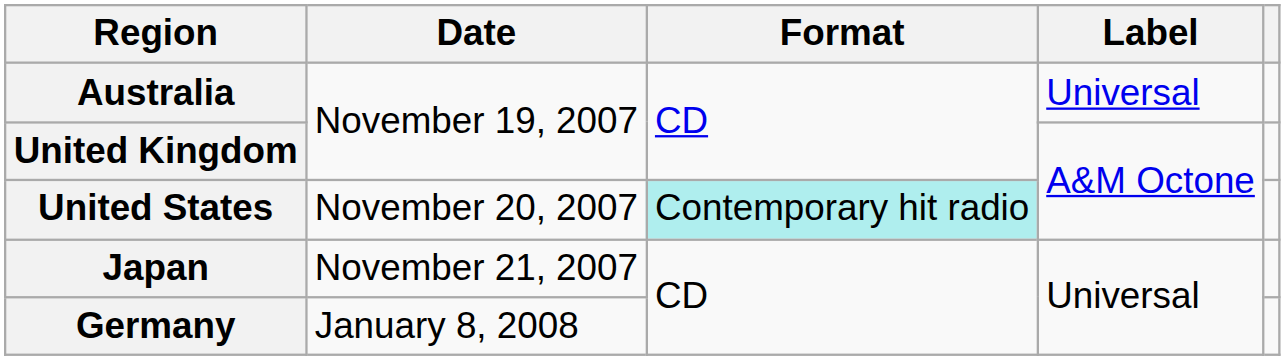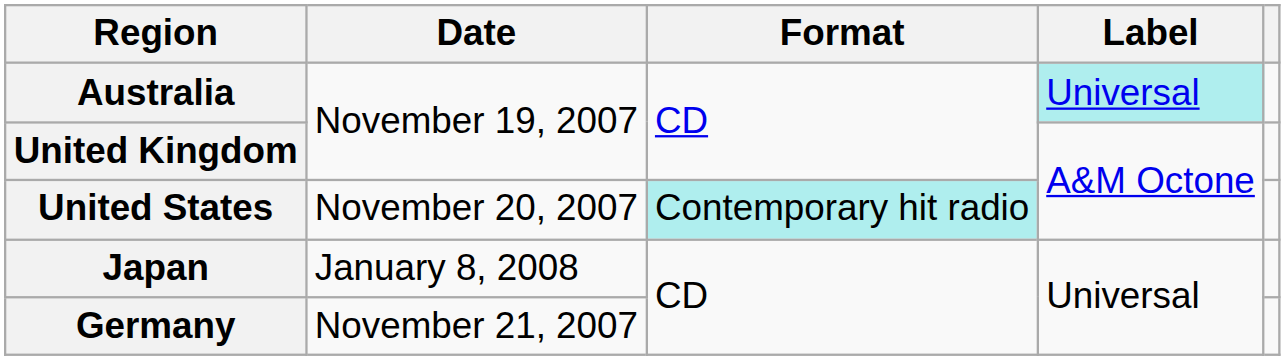 <table class="wikitable plainrowheaders">
 <tr>
 <th scope="col">Region</th>
 <th scope="col">Date</th>
 <th scope="col">Format</th>
 <th scope="col">Label</th>
 <th scope="col"></th>
 </tr>
 <tr>
 <th scope="row">Australia</th>
 <td rowspan="2">November 19, 2007</td>
 <td rowspan="2"><a href='#'>CD</a></td>
-<td><a href='#'>Universal</a></td>
+<td style="background: paleturquoise;"><a href='#'>Universal</a></td>
 <td align="center"></td>
 </tr>
 <tr>
 <th scope="row">United Kingdom</th>
 <td rowspan="2"><a href='#'>A&M Octone</a></td>
 <td align="center"></td>
 </tr>
 <tr>
 <th scope="row">United States</th>
 <td>November 20, 2007</td>
 <td style="background: paleturquoise;">Contemporary hit radio</td>
 <td align="center"></td>
 </tr>
 <tr>
 <th scope="row">Japan</th>
-<td>November 21, 2007</td>
+<td>January 8, 2008</td>
 <td rowspan="2">CD</td>
 <td rowspan="2">Universal</td>
 <td align="center"></td>
 </tr>
 <tr>
 <th scope="row">Germany</th>
-<td>January 8, 2008</td>
+<td>November 21, 2007</td>
 <td align="center"></td>
 </tr>
 </table>
